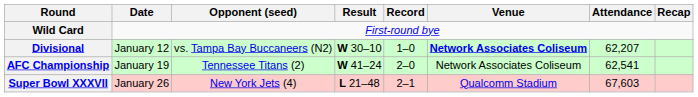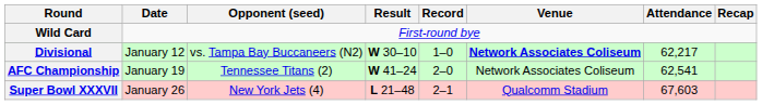 <table class="wikitable" style="text-align:center">
 <tr>
 <th>Round</th>
 <th>Date</th>
 <th>Opponent (seed)</th>
 <th>Result</th>
 <th>Record</th>
 <th>Venue</th>
 <th>Attendance</th>
 <th>Recap</th>
 </tr>
 <tr>
 <th>Wild Card</th>
 <td colspan="7"><em><a href='#'>First-round bye</a></em></td>
 </tr>
 <tr style="background:#cfc">
 <th><a href='#'>Divisional</a></th>
 <td>January 12</td>
 <td>vs. <a href='#'>Tampa Bay Buccaneers</a> (N2)</td>
 <td><strong>W</strong> 30–10</td>
 <td>1–0</td>
 <td><strong><a href='#'>Network Associates Coliseum</a></strong></td>
-<td>62,207</td>
+<td>62,217</td>
 <td></td>
 </tr>
 <tr style="background:#cfc">
 <th><a href='#'>AFC Championship</a></th>
 <td>January 19</td>
 <td><a href='#'>Tennessee Titans</a> (2)</td>
 <td><strong>W</strong> 41–24</td>
 <td>2–0</td>
 <td>Network Associates Coliseum</td>
 <td>62,541</td>
 <td></td>
 </tr>
 <tr style="background:#fcc">
 <th><a href='#'>Super Bowl XXXVII</a></th>
 <td>January 26</td>
 <td><a href='#'>New York Jets</a> (4)</td>
 <td><strong>L</strong> 21–48</td>
 <td>2–1</td>
 <td><a href='#'>Qualcomm Stadium</a></td>
 <td>67,603</td>
 <td></td>
 </tr>
 </table>
